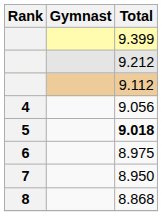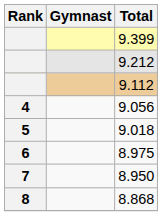 <table class="wikitable sortable" style="text-align:center; font-size:95%">
 <tr>
 <th scope=col>Rank</th>
 <th scope=col>Gymnast</th>
 <th scope=col>Total</th>
 </tr>
 <tr bgcolor=fffcaf>
 <th scope=row style="text-align:center"></th>
 <td align=left></td>
 <td>9.399</td>
 </tr>
 <tr bgcolor=e5e5e5>
 <th scope=row style="text-align:center"></th>
 <td align=left></td>
 <td>9.212</td>
 </tr>
 <tr bgcolor=eecc99>
 <th scope=row style="text-align:center"></th>
 <td align=left></td>
 <td>9.112</td>
 </tr>
 <tr>
 <th scope=row style="text-align:center">4</th>
 <td align=left></td>
 <td>9.056</td>
 </tr>
 <tr>
 <th scope=row style="text-align:center">5</th>
 <td align=left></td>
-<td><strong>9.018</strong></td>
+<td>9.018</td>
 </tr>
 <tr>
 <th scope=row style="text-align:center">6</th>
 <td align=left></td>
 <td>8.975</td>
 </tr>
 <tr>
 <th scope=row style="text-align:center">7</th>
 <td align=left></td>
 <td>8.950</td>
 </tr>
 <tr>
 <th scope=row style="text-align:center">8</th>
 <td align=left></td>
 <td>8.868</td>
 </tr>
 <tr>
 </tr>
 </table>
